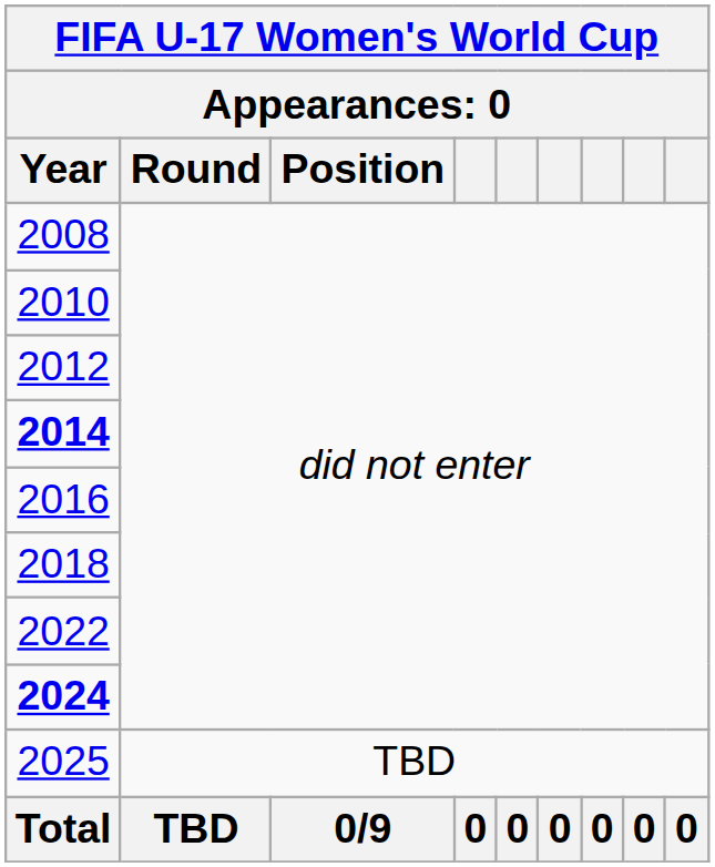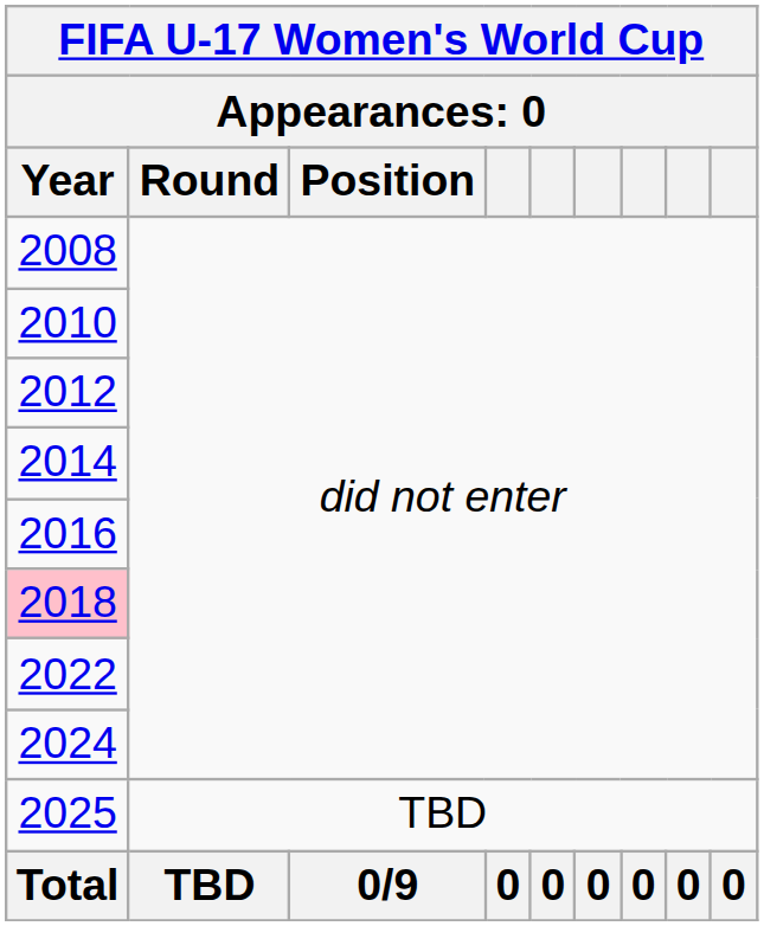 <table class="wikitable" style="text-align: center;">
 <tr>
 <th colspan=9><a href='#'>FIFA U-17 Women's World Cup</a></th>
 </tr>
 <tr>
 <th colspan=9>Appearances: 0</th>
 </tr>
 <tr>
 <th>Year</th>
 <th>Round</th>
 <th>Position</th>
 <th></th>
 <th></th>
 <th></th>
 <th></th>
 <th></th>
 <th></th>
 </tr>
 <tr>
 <td> <a href='#'>2008</a></td>
 <td rowspan=8 colspan=8><em>did not enter</em></td>
 </tr>
 <tr>
 <td> <a href='#'>2010</a></td>
 </tr>
 <tr>
 <td> <a href='#'>2012</a></td>
 </tr>
 <tr>
-<td><strong> <a href='#'>2014</a></strong></td>
+<td> <a href='#'>2014</a></td>
 </tr>
 <tr>
 <td> <a href='#'>2016</a></td>
 </tr>
 <tr>
-<td> <a href='#'>2018</a></td>
+<td style="background: pink;"> <a href='#'>2018</a></td>
 </tr>
 <tr>
 <td> <a href='#'>2022</a></td>
 </tr>
 <tr>
-<td><strong> <a href='#'>2024</a></strong></td>
+<td> <a href='#'>2024</a></td>
 </tr>
 <tr>
 <td> <a href='#'>2025</a></td>
 <td colspan="8">TBD</td>
 </tr>
 <tr>
 <th>Total</th>
 <th>TBD</th>
 <th>0/9</th>
 <th>0</th>
 <th>0</th>
 <th>0</th>
 <th>0</th>
 <th>0</th>
 <th>0</th>
 </tr>
 </table>
